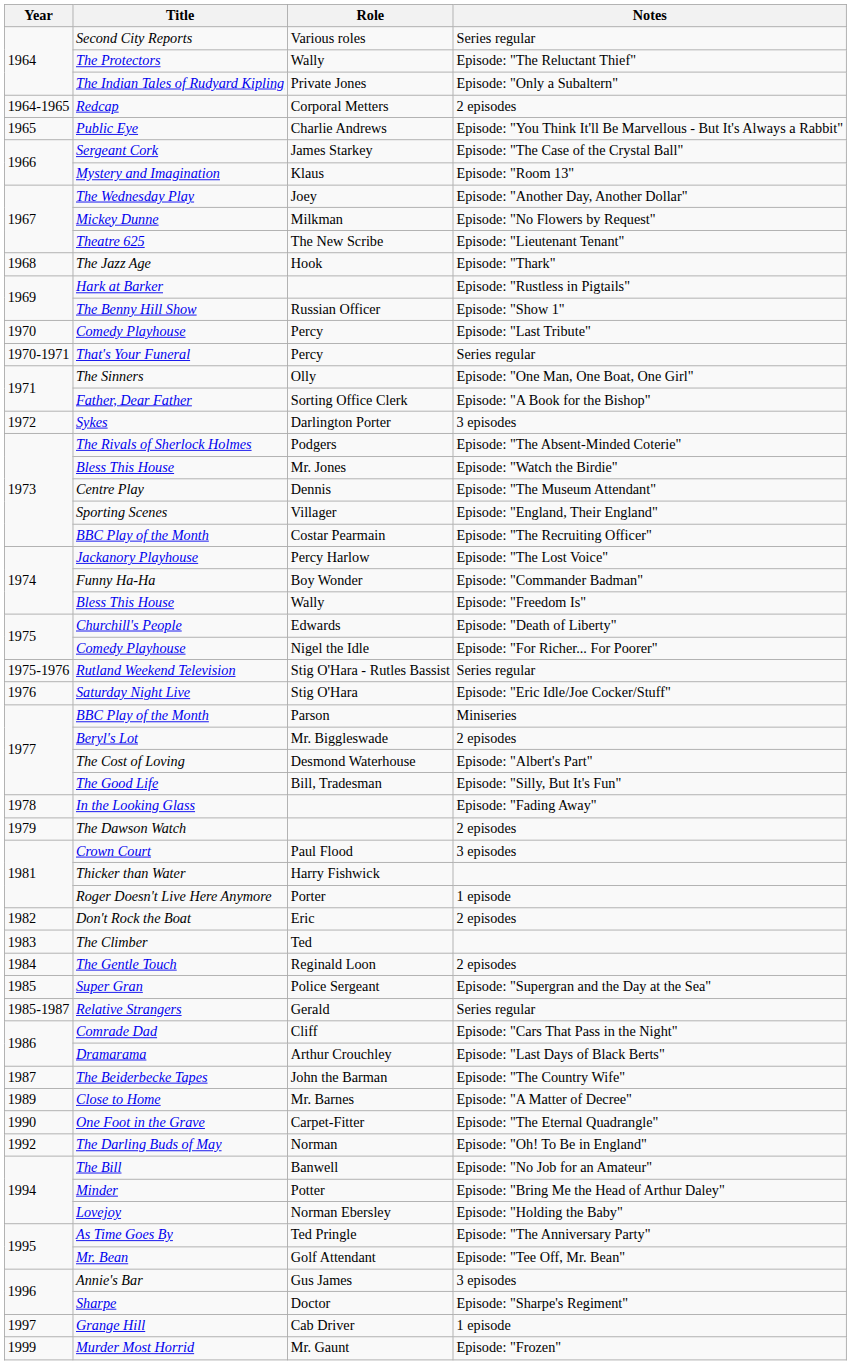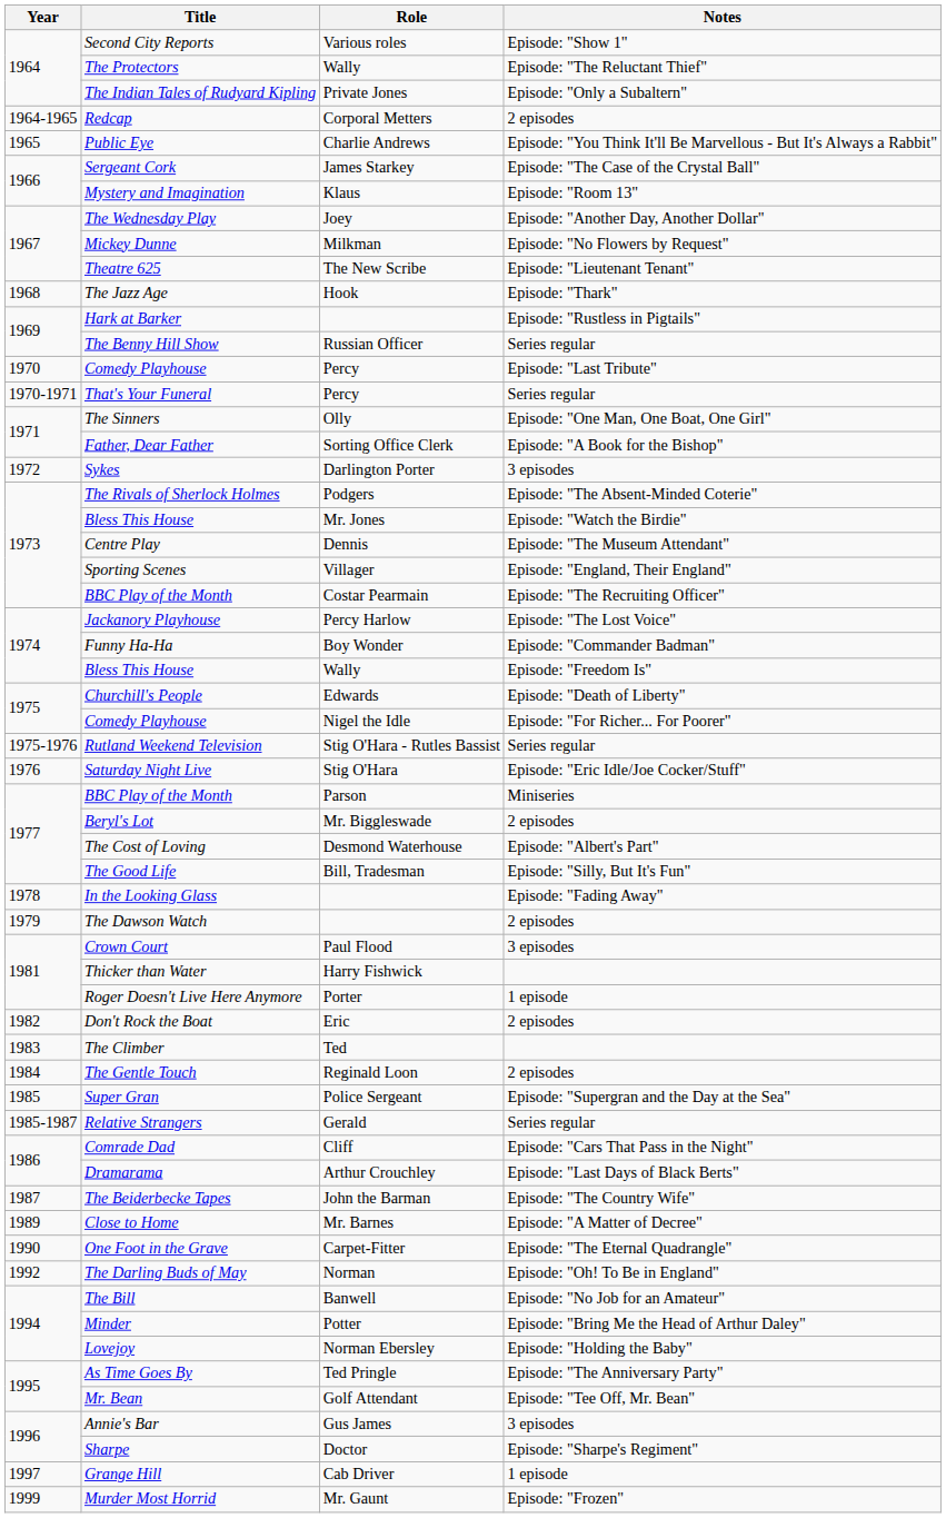 <table class="wikitable sortable">
 <tr>
 <th>Year</th>
 <th>Title</th>
 <th>Role</th>
 <th>Notes</th>
 </tr>
 <tr>
 <td rowspan="3">1964</td>
 <td><em>Second City Reports</em></td>
 <td>Various roles</td>
-<td>Series regular</td>
+<td>Episode: "Show 1"</td>
 </tr>
 <tr>
 <td><em><a href='#'>The Protectors</a></em></td>
 <td>Wally</td>
 <td>Episode: "The Reluctant Thief"</td>
 </tr>
 <tr>
 <td><em><a href='#'>The Indian Tales of Rudyard Kipling</a></em></td>
 <td>Private Jones</td>
 <td>Episode: "Only a Subaltern"</td>
 </tr>
 <tr>
 <td>1964-1965</td>
 <td><em><a href='#'>Redcap</a></em></td>
 <td>Corporal Metters</td>
 <td>2 episodes</td>
 </tr>
 <tr>
 <td>1965</td>
 <td><em><a href='#'>Public Eye</a></em></td>
 <td>Charlie Andrews</td>
 <td>Episode: "You Think It'll Be Marvellous -  But It's Always a Rabbit"</td>
 </tr>
 <tr>
 <td rowspan="2">1966</td>
 <td><em><a href='#'>Sergeant Cork</a></em></td>
 <td>James Starkey</td>
 <td>Episode: "The Case of the Crystal Ball"</td>
 </tr>
 <tr>
 <td><em><a href='#'>Mystery and Imagination</a></em></td>
 <td>Klaus</td>
 <td>Episode: "Room 13"</td>
 </tr>
 <tr>
 <td rowspan="3">1967</td>
 <td><em><a href='#'>The Wednesday Play</a></em></td>
 <td>Joey</td>
 <td>Episode: "Another Day, Another Dollar"</td>
 </tr>
 <tr>
 <td><em><a href='#'>Mickey Dunne</a></em></td>
 <td>Milkman</td>
 <td>Episode: "No Flowers by Request"</td>
 </tr>
 <tr>
 <td><em><a href='#'>Theatre 625</a></em></td>
 <td>The New Scribe</td>
 <td>Episode: "Lieutenant Tenant"</td>
 </tr>
 <tr>
 <td>1968</td>
 <td><em>The Jazz Age</em></td>
 <td>Hook</td>
 <td>Episode: "Thark"</td>
 </tr>
 <tr>
 <td rowspan="2">1969</td>
 <td><em><a href='#'>Hark at Barker</a></em></td>
 <td></td>
 <td>Episode: "Rustless in Pigtails"</td>
 </tr>
 <tr>
 <td><em><a href='#'>The Benny Hill Show</a></em></td>
 <td>Russian Officer</td>
-<td>Episode: "Show 1"</td>
+<td>Series regular</td>
 </tr>
 <tr>
 <td>1970</td>
 <td><em><a href='#'>Comedy Playhouse</a></em></td>
 <td>Percy</td>
 <td>Episode: "Last Tribute"</td>
 </tr>
 <tr>
 <td>1970-1971</td>
 <td><em><a href='#'>That's Your Funeral</a></em></td>
 <td>Percy</td>
 <td>Series regular</td>
 </tr>
 <tr>
 <td rowspan="2">1971</td>
 <td><em>The Sinners</em></td>
 <td>Olly</td>
 <td>Episode: "One Man, One Boat, One Girl"</td>
 </tr>
 <tr>
 <td><em><a href='#'>Father, Dear Father</a></em></td>
 <td>Sorting Office Clerk</td>
 <td>Episode: "A Book for the Bishop"</td>
 </tr>
 <tr>
 <td>1972</td>
 <td><em><a href='#'>Sykes</a></em></td>
 <td>Darlington Porter</td>
 <td>3 episodes</td>
 </tr>
 <tr>
 <td rowspan="5">1973</td>
 <td><em><a href='#'>The Rivals of Sherlock Holmes</a></em></td>
 <td>Podgers</td>
 <td>Episode: "The Absent-Minded Coterie"</td>
 </tr>
 <tr>
 <td><em><a href='#'>Bless This House</a></em></td>
 <td>Mr. Jones</td>
 <td>Episode: "Watch the Birdie"</td>
 </tr>
 <tr>
 <td><em>Centre Play</em></td>
 <td>Dennis</td>
 <td>Episode: "The Museum Attendant"</td>
 </tr>
 <tr>
 <td><em>Sporting Scenes</em></td>
 <td>Villager</td>
 <td>Episode: "England, Their England"</td>
 </tr>
 <tr>
 <td><em><a href='#'>BBC Play of the Month</a></em></td>
 <td>Costar Pearmain</td>
 <td>Episode: "The Recruiting Officer"</td>
 </tr>
 <tr>
 <td rowspan="3">1974</td>
 <td><em><a href='#'>Jackanory Playhouse</a></em></td>
 <td>Percy Harlow</td>
 <td>Episode: "The Lost Voice"</td>
 </tr>
 <tr>
 <td><em>Funny Ha-Ha</em></td>
 <td>Boy Wonder</td>
 <td>Episode: "Commander Badman"</td>
 </tr>
 <tr>
 <td><em><a href='#'>Bless This House</a></em></td>
 <td>Wally</td>
 <td>Episode: "Freedom Is"</td>
 </tr>
 <tr>
 <td rowspan="2">1975</td>
 <td><em><a href='#'>Churchill's People</a></em></td>
 <td>Edwards</td>
 <td>Episode: "Death of Liberty"</td>
 </tr>
 <tr>
 <td><em><a href='#'>Comedy Playhouse</a></em></td>
 <td>Nigel the Idle</td>
 <td>Episode: "For Richer... For Poorer"</td>
 </tr>
 <tr>
 <td>1975-1976</td>
 <td><em><a href='#'>Rutland Weekend Television</a></em></td>
 <td>Stig O'Hara - Rutles Bassist</td>
 <td>Series regular</td>
 </tr>
 <tr>
 <td>1976</td>
 <td><em><a href='#'>Saturday Night Live</a></em></td>
 <td>Stig O'Hara</td>
 <td>Episode: "Eric Idle/Joe Cocker/Stuff"</td>
 </tr>
 <tr>
 <td rowspan="4">1977</td>
 <td><em><a href='#'>BBC Play of the Month</a></em></td>
 <td>Parson</td>
 <td>Miniseries</td>
 </tr>
 <tr>
 <td><em><a href='#'>Beryl's Lot</a></em></td>
 <td>Mr. Biggleswade</td>
 <td>2 episodes</td>
 </tr>
 <tr>
 <td><em>The Cost of Loving</em></td>
 <td>Desmond Waterhouse</td>
 <td>Episode: "Albert's Part"</td>
 </tr>
 <tr>
 <td><em><a href='#'>The Good Life</a></em></td>
 <td>Bill, Tradesman</td>
 <td>Episode: "Silly, But It's Fun"</td>
 </tr>
 <tr>
 <td>1978</td>
 <td><em><a href='#'>In the Looking Glass</a></em></td>
 <td></td>
 <td>Episode: "Fading Away"</td>
 </tr>
 <tr>
 <td>1979</td>
 <td><em>The Dawson Watch</em></td>
 <td></td>
 <td>2 episodes</td>
 </tr>
 <tr>
 <td rowspan="3">1981</td>
 <td><em><a href='#'>Crown Court</a></em></td>
 <td>Paul Flood</td>
 <td>3 episodes</td>
 </tr>
 <tr>
 <td><em>Thicker than Water</em></td>
 <td>Harry Fishwick</td>
 <td></td>
 </tr>
 <tr>
 <td><em>Roger Doesn't Live Here Anymore</em></td>
 <td>Porter</td>
 <td>1 episode</td>
 </tr>
 <tr>
 <td>1982</td>
 <td><em>Don't Rock the Boat</em></td>
 <td>Eric</td>
 <td>2 episodes</td>
 </tr>
 <tr>
 <td>1983</td>
 <td><em>The Climber</em></td>
 <td>Ted</td>
 <td></td>
 </tr>
 <tr>
 <td>1984</td>
 <td><em><a href='#'>The Gentle Touch</a></em></td>
 <td>Reginald Loon</td>
 <td>2 episodes</td>
 </tr>
 <tr>
 <td>1985</td>
 <td><em><a href='#'>Super Gran</a></em></td>
 <td>Police Sergeant</td>
 <td>Episode: "Supergran and the Day at the Sea"</td>
 </tr>
 <tr>
 <td>1985-1987</td>
 <td><em><a href='#'>Relative Strangers</a></em></td>
 <td>Gerald</td>
 <td>Series regular</td>
 </tr>
 <tr>
 <td rowspan="2">1986</td>
 <td><em><a href='#'>Comrade Dad</a></em></td>
 <td>Cliff</td>
 <td>Episode: "Cars That Pass in the Night"</td>
 </tr>
 <tr>
 <td><em><a href='#'>Dramarama</a></em></td>
 <td>Arthur Crouchley</td>
 <td>Episode: "Last Days of Black Berts"</td>
 </tr>
 <tr>
 <td>1987</td>
 <td><em><a href='#'>The Beiderbecke Tapes</a></em></td>
 <td>John the Barman</td>
 <td>Episode: "The Country Wife"</td>
 </tr>
 <tr>
 <td>1989</td>
 <td><em><a href='#'>Close to Home</a></em></td>
 <td>Mr. Barnes</td>
 <td>Episode: "A Matter of Decree"</td>
 </tr>
 <tr>
 <td>1990</td>
 <td><em><a href='#'>One Foot in the Grave</a></em></td>
 <td>Carpet-Fitter</td>
 <td>Episode: "The Eternal Quadrangle"</td>
 </tr>
 <tr>
 <td>1992</td>
 <td><em><a href='#'>The Darling Buds of May</a></em></td>
 <td>Norman</td>
 <td>Episode: "Oh! To Be in England"</td>
 </tr>
 <tr>
 <td rowspan="3">1994</td>
 <td><em><a href='#'>The Bill</a></em></td>
 <td>Banwell</td>
 <td>Episode: "No Job for an Amateur"</td>
 </tr>
 <tr>
 <td><em><a href='#'>Minder</a></em></td>
 <td>Potter</td>
 <td>Episode: "Bring Me the Head of Arthur Daley"</td>
 </tr>
 <tr>
 <td><em><a href='#'>Lovejoy</a></em></td>
 <td>Norman Ebersley</td>
 <td>Episode: "Holding the Baby"</td>
 </tr>
 <tr>
 <td rowspan="2">1995</td>
 <td><em><a href='#'>As Time Goes By</a></em></td>
 <td>Ted Pringle</td>
 <td>Episode: "The Anniversary Party"</td>
 </tr>
 <tr>
 <td><em><a href='#'>Mr. Bean</a></em></td>
 <td>Golf Attendant</td>
 <td>Episode: "Tee Off, Mr. Bean"</td>
 </tr>
 <tr>
 <td rowspan="2">1996</td>
 <td><em>Annie's Bar</em></td>
 <td>Gus James</td>
 <td>3 episodes</td>
 </tr>
 <tr>
 <td><em><a href='#'>Sharpe</a></em></td>
 <td>Doctor</td>
 <td>Episode: "Sharpe's Regiment"</td>
 </tr>
 <tr>
 <td>1997</td>
 <td><em><a href='#'>Grange Hill</a></em></td>
 <td>Cab Driver</td>
 <td>1 episode</td>
 </tr>
 <tr>
 <td>1999</td>
 <td><em><a href='#'>Murder Most Horrid</a></em></td>
 <td>Mr. Gaunt</td>
 <td>Episode: "Frozen"</td>
 </tr>
 </table>
